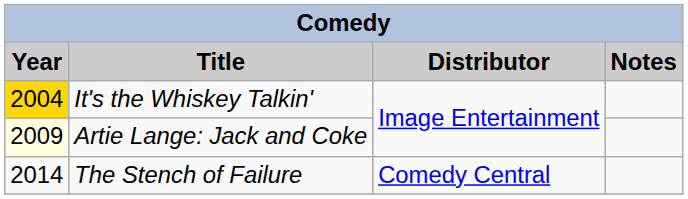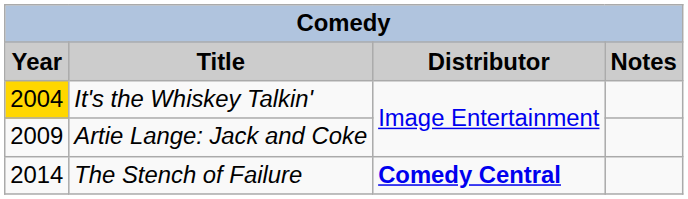 <table class="wikitable">
 <tr>
 <th colspan=4 style="background:#B0C4DE;">Comedy</th>
 </tr>
 <tr>
 <th style="background: #CCCCCC;">Year</th>
 <th style="background: #CCCCCC;">Title</th>
 <th style="background: #CCCCCC;">Distributor</th>
 <th style="background: #CCCCCC;">Notes</th>
 </tr>
 <tr>
 <td style="background: gold;">2004</td>
 <td><em>It's the Whiskey Talkin' </em></td>
 <td rowspan="2"><a href='#'>Image Entertainment</a></td>
 <td></td>
 </tr>
 <tr>
-<td style="background: lightyellow;">2009</td>
+<td>2009</td>
 <td><em>Artie Lange: Jack and Coke</em></td>
 <td></td>
 </tr>
 <tr>
 <td>2014</td>
 <td><em>The Stench of Failure</em></td>
-<td><a href='#'>Comedy Central</a></td>
+<td><strong><a href='#'>Comedy Central</a></strong></td>
 <td></td>
 </tr>
 </table>
